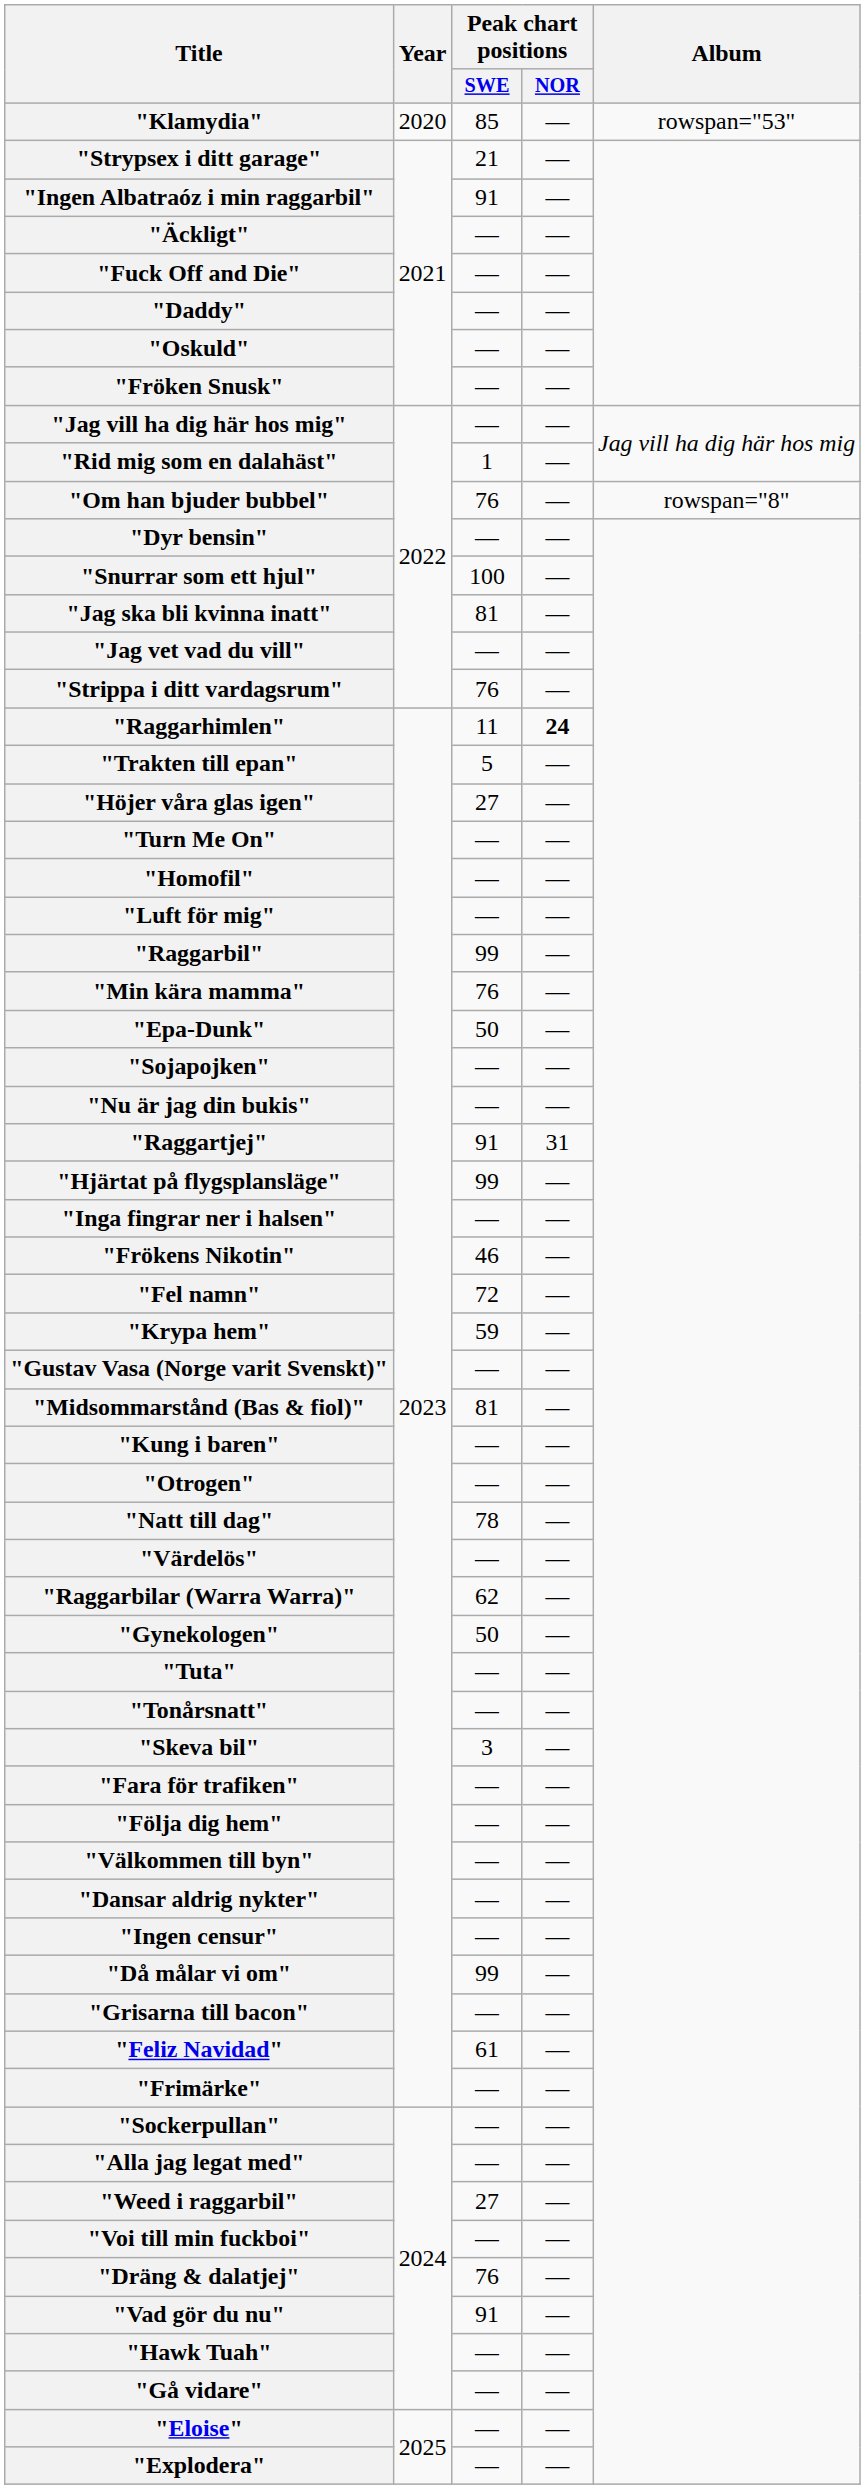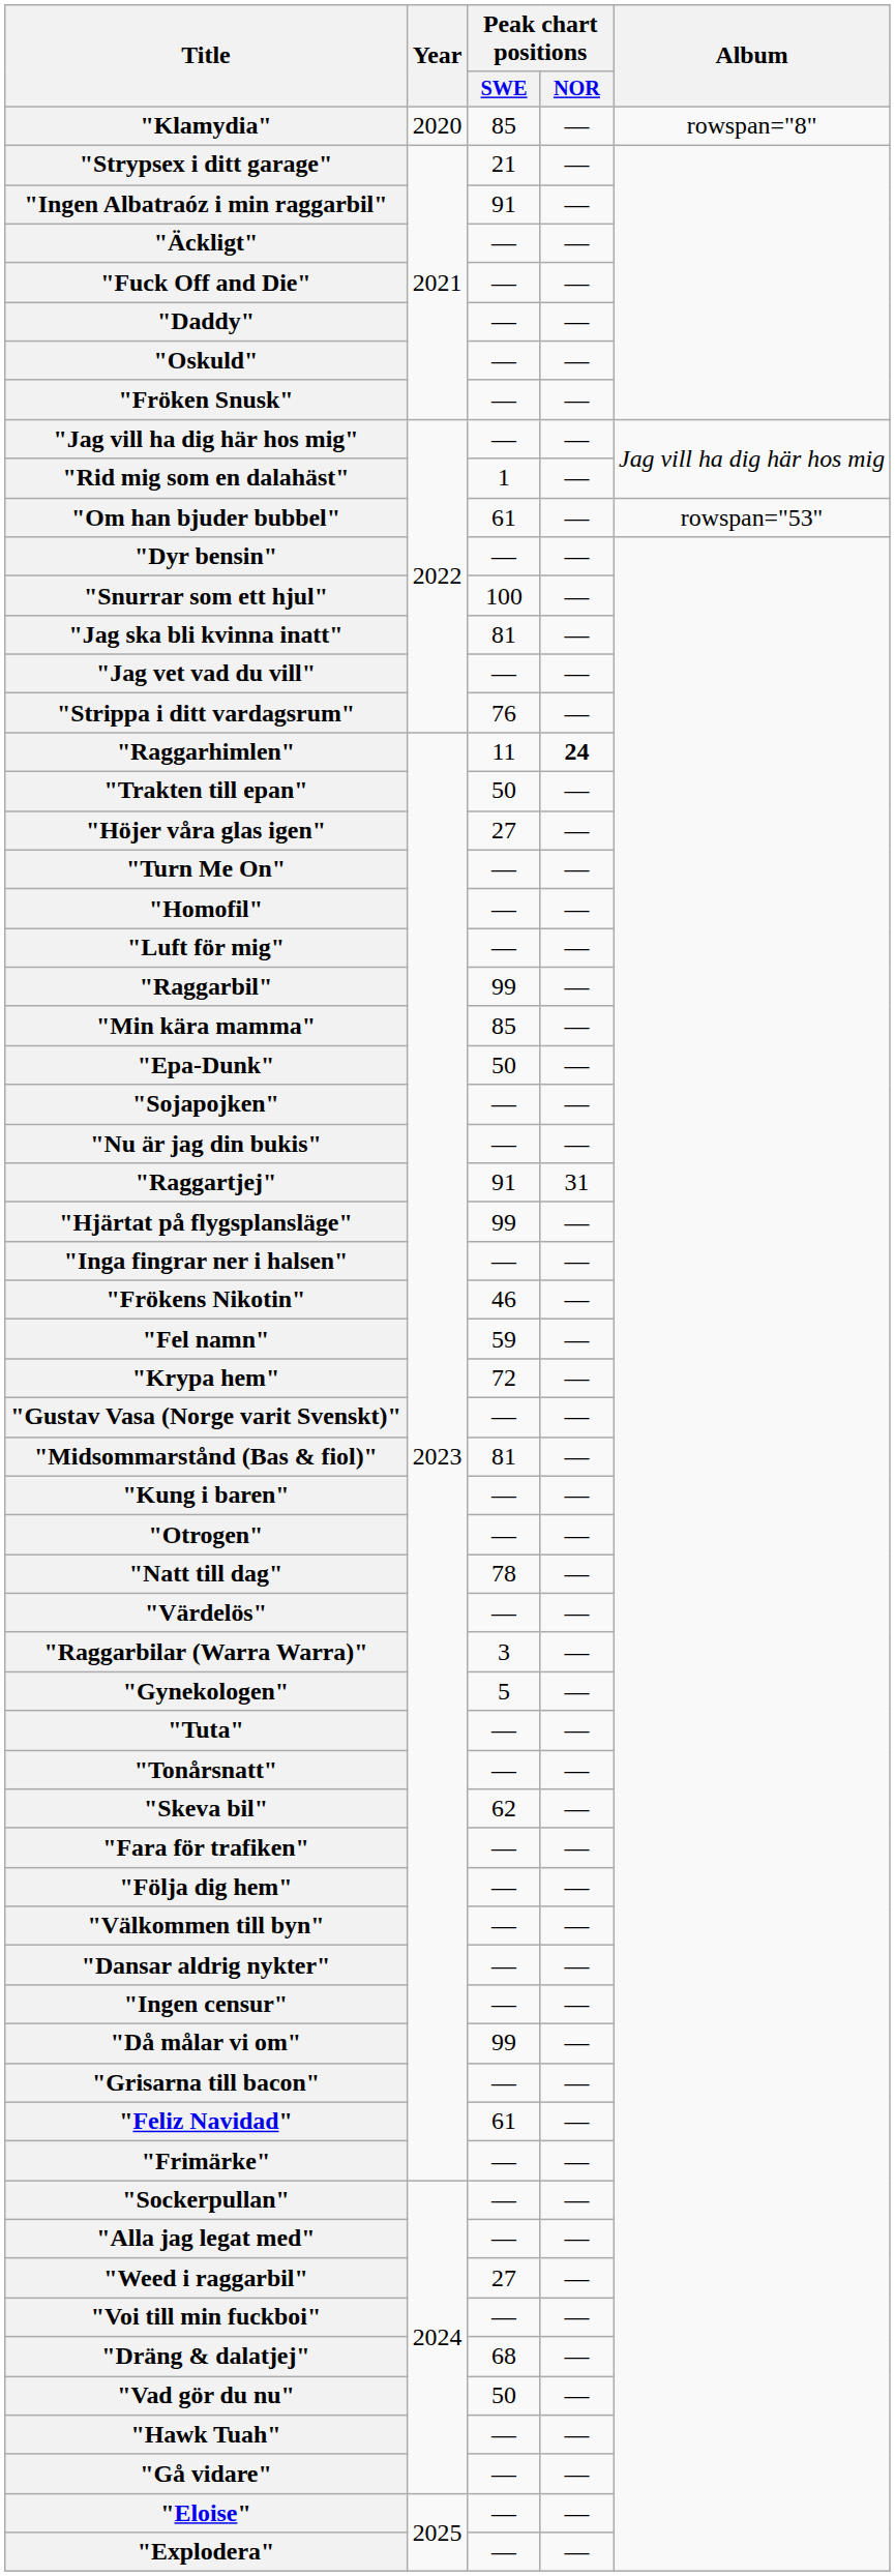 <table class="wikitable plainrowheaders" style="text-align:center;">
 <tr>
 <th scope="col" rowspan="2">Title</th>
 <th scope="col" rowspan="2">Year</th>
 <th scope="col" colspan="2">Peak chart positions</th>
 <th scope="col" rowspan="2">Album</th>
 </tr>
 <tr>
 <th scope="col" style="width:3em;font-size:85%;"><a href='#'>SWE</a><br></th>
 <th scope="col" style="width:3em;font-size:85%;"><a href='#'>NOR</a><br></th>
 </tr>
 <tr>
 <th scope="row">"Klamydia"</th>
 <td>2020</td>
 <td>85</td>
 <td>—</td>
-<td>rowspan="53" </td>
+<td>rowspan="8" </td>
 </tr>
 <tr>
 <th scope="row">"Strypsex i ditt garage"</th>
 <td rowspan="7">2021</td>
 <td>21</td>
 <td>—</td>
 </tr>
 <tr>
 <th scope="row">"Ingen Albatraóz i min raggarbil"</th>
 <td>91</td>
 <td>—</td>
 </tr>
 <tr>
 <th scope="row">"Äckligt"</th>
 <td>—</td>
 <td>—</td>
 </tr>
 <tr>
 <th scope="row">"Fuck Off and Die"</th>
 <td>—</td>
 <td>—</td>
 </tr>
 <tr>
 <th scope="row">"Daddy"<br></th>
 <td>—</td>
 <td>—</td>
 </tr>
 <tr>
 <th scope="row">"Oskuld"<br></th>
 <td>—</td>
 <td>—</td>
 </tr>
 <tr>
 <th scope="row">"Fröken Snusk"<br></th>
 <td>—</td>
 <td>—</td>
 </tr>
 <tr>
 <th scope="row">"Jag vill ha dig här hos mig"<br></th>
 <td rowspan="8">2022</td>
 <td>—</td>
 <td>—</td>
 <td rowspan="2"><em>Jag vill ha dig här hos mig</em></td>
 </tr>
 <tr>
 <th scope="row">"Rid mig som en dalahäst"<br></th>
 <td>1</td>
 <td>—</td>
 </tr>
 <tr>
 <th scope="row">"Om han bjuder bubbel"<br></th>
-<td>76<br></td>
+<td>61<br></td>
 <td>—</td>
-<td>rowspan="8" </td>
+<td>rowspan="53" </td>
 </tr>
 <tr>
 <th scope="row">"Dyr bensin"<br></th>
 <td>—</td>
 <td>—</td>
 </tr>
 <tr>
 <th scope="row">"Snurrar som ett hjul"<br></th>
 <td>100<br></td>
 <td>—</td>
 </tr>
 <tr>
 <th scope="row">"Jag ska bli kvinna inatt"<br></th>
 <td>81</td>
 <td>—</td>
 </tr>
 <tr>
 <th scope="row">"Jag vet vad du vill"<br></th>
 <td>—</td>
 <td>—</td>
 </tr>
 <tr>
 <th scope="row">"Strippa i ditt vardagsrum"<br></th>
 <td>76<br></td>
 <td>—</td>
 </tr>
 <tr>
 <th scope="row">"Raggarhimlen"<br></th>
 <td rowspan="37">2023</td>
 <td>11</td>
 <td><strong>24<br></strong></td>
 </tr>
 <tr>
 <th scope="row">"Trakten till epan"<br></th>
-<td>5<br></td>
+<td>50<br></td>
 <td>—</td>
 </tr>
 <tr>
 <th scope="row">"Höjer våra glas igen"<br></th>
 <td>27<br></td>
 <td>—</td>
 </tr>
 <tr>
 <th scope="row">"Turn Me On"<br></th>
 <td>—</td>
 <td>—</td>
 </tr>
 <tr>
 <th scope="row">"Homofil"<br></th>
 <td>—</td>
 <td>—</td>
 </tr>
 <tr>
 <th scope="row">"Luft för mig"<br></th>
 <td>—</td>
 <td>—</td>
 </tr>
 <tr>
 <th scope="row">"Raggarbil"<br></th>
 <td>99<br></td>
 <td>—</td>
 </tr>
 <tr>
 <th scope="row">"Min kära mamma"<br></th>
-<td>76<br></td>
+<td>85</td>
 <td>—</td>
 </tr>
 <tr>
 <th scope="row">"Epa-Dunk"<br></th>
 <td>50<br></td>
 <td>—</td>
 </tr>
 <tr>
 <th scope="row">"Sojapojken"<br></th>
 <td>—</td>
 <td>—</td>
 </tr>
 <tr>
 <th scope="row">"Nu är jag din bukis"<br></th>
 <td>—</td>
 <td>—</td>
 </tr>
 <tr>
 <th scope="row">"Raggartjej"<br></th>
 <td>91<br></td>
 <td>31</td>
 </tr>
 <tr>
 <th scope="row">"Hjärtat på flygsplansläge"<br></th>
 <td>99<br></td>
 <td>—</td>
 </tr>
 <tr>
 <th scope="row">"Inga fingrar ner i halsen"<br></th>
 <td>—</td>
 <td>—</td>
 </tr>
 <tr>
 <th scope="row">"Frökens Nikotin"<br></th>
 <td>46</td>
 <td>—</td>
 </tr>
 <tr>
 <th scope="row">"Fel namn"<br></th>
-<td>72<br></td>
+<td>59<br></td>
 <td>—</td>
 </tr>
 <tr>
 <th scope="row">"Krypa hem"<br></th>
-<td>59<br></td>
+<td>72<br></td>
 <td>—</td>
 </tr>
 <tr>
 <th scope="row">"Gustav Vasa (Norge varit Svenskt)"<br></th>
 <td>—</td>
 <td>—</td>
 </tr>
 <tr>
 <th scope="row">"Midsommarstånd (Bas & fiol)"<br></th>
 <td>81<br></td>
 <td>—</td>
 </tr>
 <tr>
 <th scope="row">"Kung i baren"<br></th>
 <td>—</td>
 <td>—</td>
 </tr>
 <tr>
 <th scope="row">"Otrogen"<br></th>
 <td>—</td>
 <td>—</td>
 </tr>
 <tr>
 <th scope="row">"Natt till dag"<br></th>
 <td>78<br></td>
 <td>—</td>
 </tr>
 <tr>
 <th scope="row">"Värdelös"<br></th>
 <td>—</td>
 <td>—</td>
 </tr>
 <tr>
 <th scope="row">"Raggarbilar (Warra Warra)"<br></th>
-<td>62<br></td>
+<td>3<br></td>
 <td>—</td>
 </tr>
 <tr>
 <th scope="row">"Gynekologen"<br></th>
-<td>50<br></td>
+<td>5<br></td>
 <td>—</td>
 </tr>
 <tr>
 <th scope="row">"Tuta"<br></th>
 <td>—</td>
 <td>—</td>
 </tr>
 <tr>
 <th scope="row">"Tonårsnatt"<br></th>
 <td>—</td>
 <td>—</td>
 </tr>
 <tr>
 <th scope="row">"Skeva bil"<br></th>
-<td>3<br></td>
+<td>62<br></td>
 <td>—</td>
 </tr>
 <tr>
 <th scope="row">"Fara för trafiken"<br></th>
 <td>—</td>
 <td>—</td>
 </tr>
 <tr>
 <th scope="row">"Följa dig hem"<br></th>
 <td>—</td>
 <td>—</td>
 </tr>
 <tr>
 <th scope="row">"Välkommen till byn"<br></th>
 <td>—</td>
 <td>—</td>
 </tr>
 <tr>
 <th scope="row">"Dansar aldrig nykter"<br></th>
 <td>—</td>
 <td>—</td>
 </tr>
 <tr>
 <th scope="row">"Ingen censur"<br></th>
 <td>—</td>
 <td>—</td>
 </tr>
 <tr>
 <th scope="row">"Då målar vi om"<br></th>
 <td>99<br></td>
 <td>—</td>
 </tr>
 <tr>
 <th scope="row">"Grisarna till bacon"<br></th>
 <td>—</td>
 <td>—</td>
 </tr>
 <tr>
 <th scope="row">"<a href='#'>Feliz Navidad</a>"<br></th>
 <td>61<br></td>
 <td>—</td>
 </tr>
 <tr>
 <th scope="row">"Frimärke"<br></th>
 <td>—</td>
 <td>—</td>
 </tr>
 <tr>
 <th scope="row">"Sockerpullan"<br></th>
 <td rowspan="8">2024</td>
 <td>—</td>
 <td>—</td>
 </tr>
 <tr>
 <th scope="row">"Alla jag legat med"</th>
 <td>—</td>
 <td>—</td>
 </tr>
 <tr>
 <th scope="row">"Weed i raggarbil"<br></th>
 <td>27<br></td>
 <td>—</td>
 </tr>
 <tr>
 <th scope="row">"Voi till min fuckboi"<br></th>
 <td>—</td>
 <td>—</td>
 </tr>
 <tr>
 <th scope="row">"Dräng & dalatjej"<br></th>
-<td>76<br></td>
+<td>68<br></td>
 <td>—</td>
 </tr>
 <tr>
 <th scope="row">"Vad gör du nu"<br></th>
-<td>91<br></td>
+<td>50<br></td>
 <td>—</td>
 </tr>
 <tr>
 <th scope="row">"Hawk Tuah"<br></th>
 <td>—</td>
 <td>—</td>
 </tr>
 <tr>
 <th scope="row">"Gå vidare"<br></th>
 <td>—</td>
 <td>—</td>
 </tr>
 <tr>
 <th scope="row">"<a href='#'>Eloise</a>"<br></th>
 <td rowspan="2">2025</td>
 <td>—</td>
 <td>—</td>
 </tr>
 <tr>
 <th scope="row">"Explodera"<br></th>
 <td>—</td>
 <td>—</td>
 </tr>
 </table>
